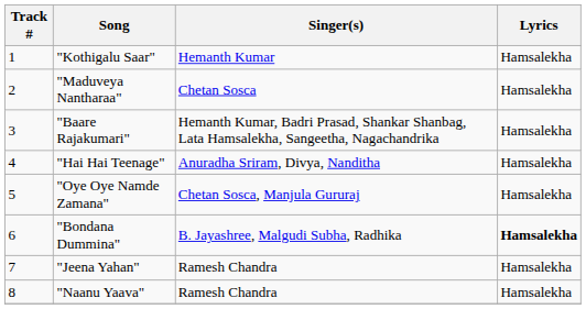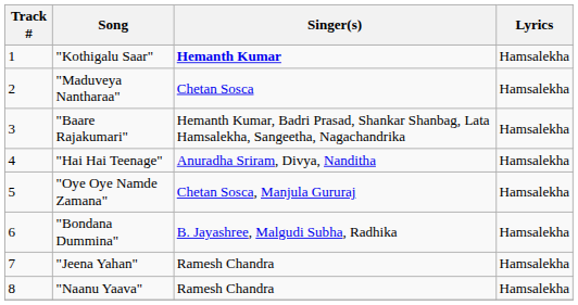 <table class="wikitable" style="font-size:95%;">
 <tr>
 <th>Track #</th>
 <th>Song</th>
 <th>Singer(s)</th>
 <th>Lyrics</th>
 </tr>
 <tr>
 <td>1</td>
 <td>"Kothigalu Saar"</td>
-<td><a href='#'>Hemanth Kumar</a></td>
+<td><strong><a href='#'>Hemanth Kumar</a></strong></td>
 <td>Hamsalekha</td>
 </tr>
 <tr>
 <td>2</td>
 <td>"Maduveya Nantharaa"</td>
 <td><a href='#'>Chetan Sosca</a></td>
 <td>Hamsalekha</td>
 </tr>
 <tr>
 <td>3</td>
 <td>"Baare Rajakumari"</td>
 <td>Hemanth Kumar, Badri Prasad, Shankar Shanbag, Lata Hamsalekha, Sangeetha, Nagachandrika</td>
 <td>Hamsalekha</td>
 </tr>
 <tr>
 <td>4</td>
 <td>"Hai Hai Teenage"</td>
 <td><a href='#'>Anuradha Sriram</a>, Divya, <a href='#'>Nanditha</a></td>
 <td>Hamsalekha</td>
 </tr>
 <tr>
 <td>5</td>
 <td>"Oye Oye Namde Zamana"</td>
 <td><a href='#'>Chetan Sosca</a>, <a href='#'>Manjula Gururaj</a></td>
 <td>Hamsalekha</td>
 </tr>
 <tr>
 <td>6</td>
 <td>"Bondana Dummina"</td>
 <td><a href='#'>B. Jayashree</a>, <a href='#'>Malgudi Subha</a>, Radhika</td>
-<td><strong>Hamsalekha</strong></td>
+<td>Hamsalekha</td>
 </tr>
 <tr>
 <td>7</td>
 <td>"Jeena Yahan"</td>
 <td>Ramesh Chandra</td>
 <td>Hamsalekha</td>
 </tr>
 <tr>
 <td>8</td>
 <td>"Naanu Yaava"</td>
 <td>Ramesh Chandra</td>
 <td>Hamsalekha</td>
 </tr>
 <tr>
 </tr>
 </table>
